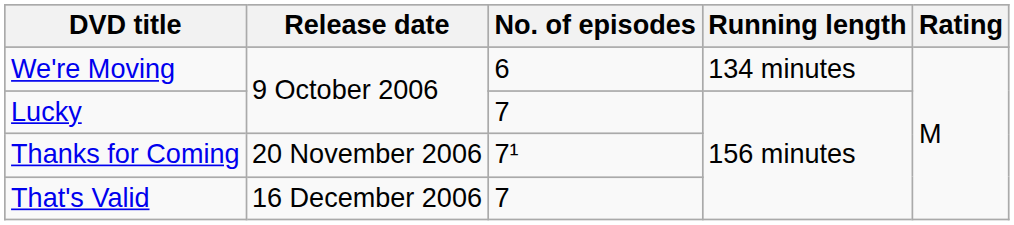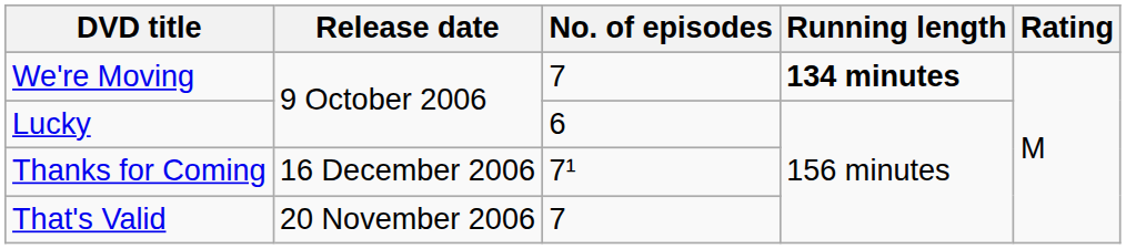 <table class="wikitable">
 <tr>
 <th>DVD title</th>
 <th>Release date</th>
 <th>No. of episodes</th>
 <th>Running length</th>
 <th>Rating</th>
 </tr>
 <tr>
 <td><a href='#'>We're Moving</a></td>
 <td rowspan="2">9 October 2006</td>
-<td>6</td>
-<td>134 minutes</td>
+<td>7</td>
+<td><strong>134 minutes</strong></td>
 <td rowspan="4">M</td>
 </tr>
 <tr>
 <td><a href='#'>Lucky</a></td>
-<td>7</td>
+<td>6</td>
 <td rowspan="3">156 minutes</td>
 </tr>
 <tr>
 <td><a href='#'>Thanks for Coming</a></td>
-<td>20 November 2006</td>
+<td>16 December 2006</td>
 <td>7¹</td>
 </tr>
 <tr>
 <td><a href='#'>That's Valid</a></td>
-<td>16 December 2006</td>
+<td>20 November 2006</td>
 <td>7</td>
 </tr>
 </table>
